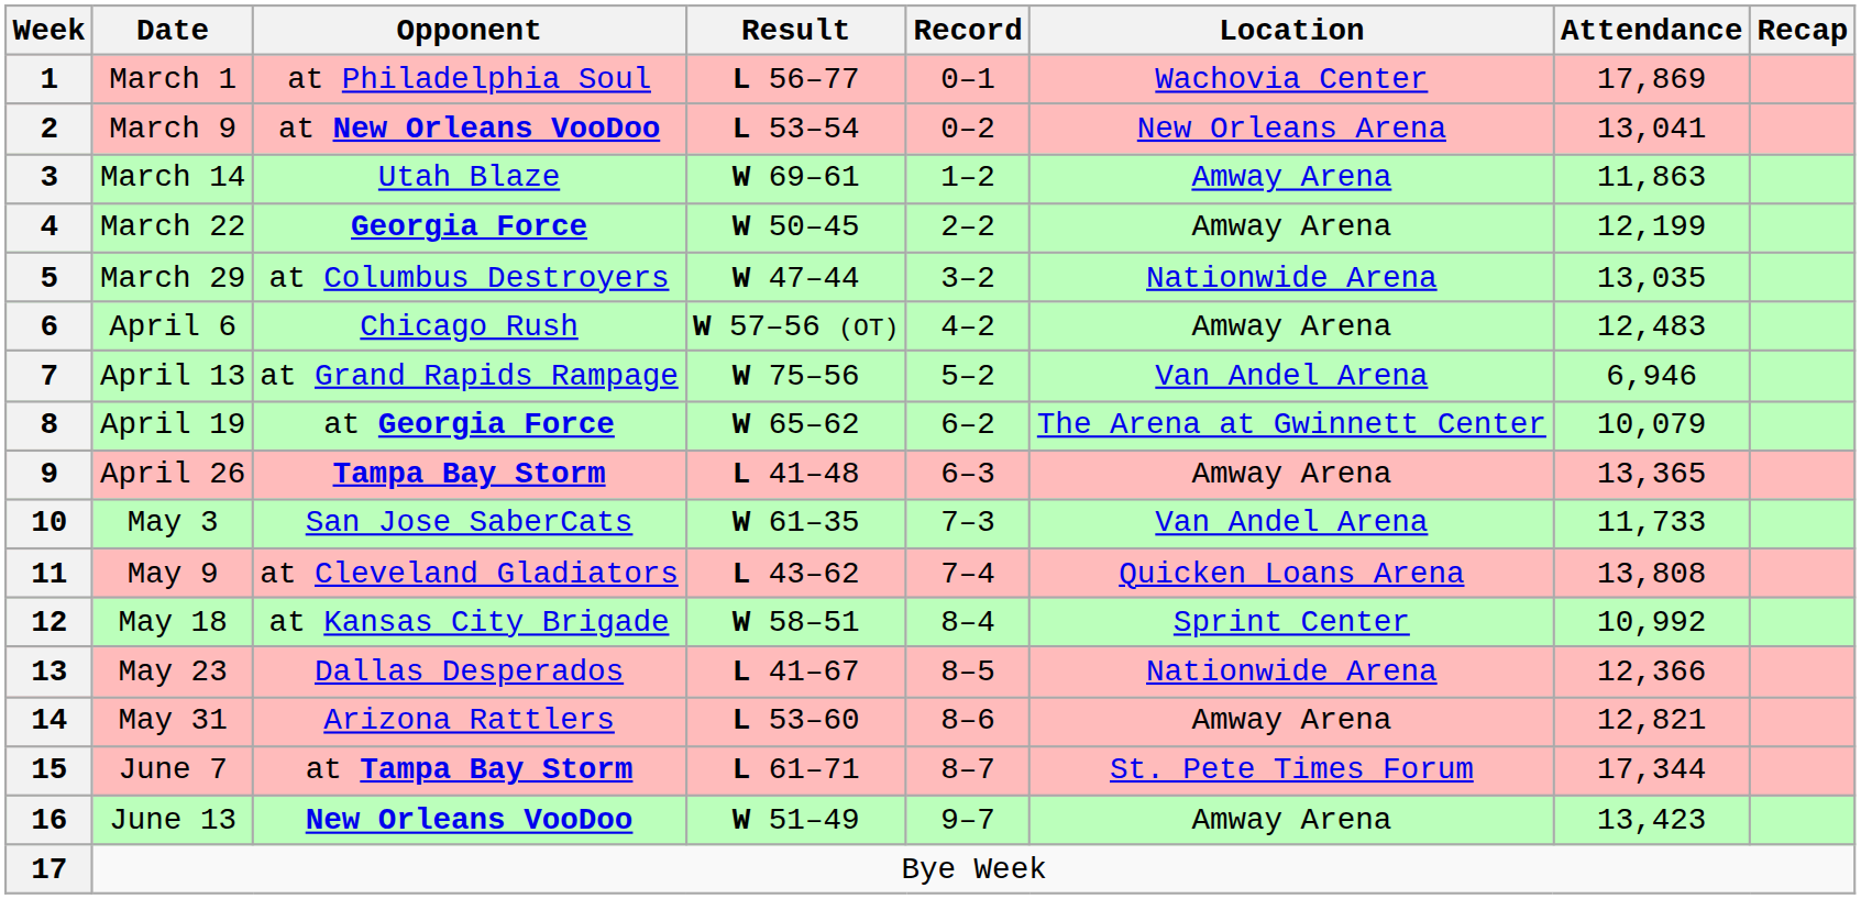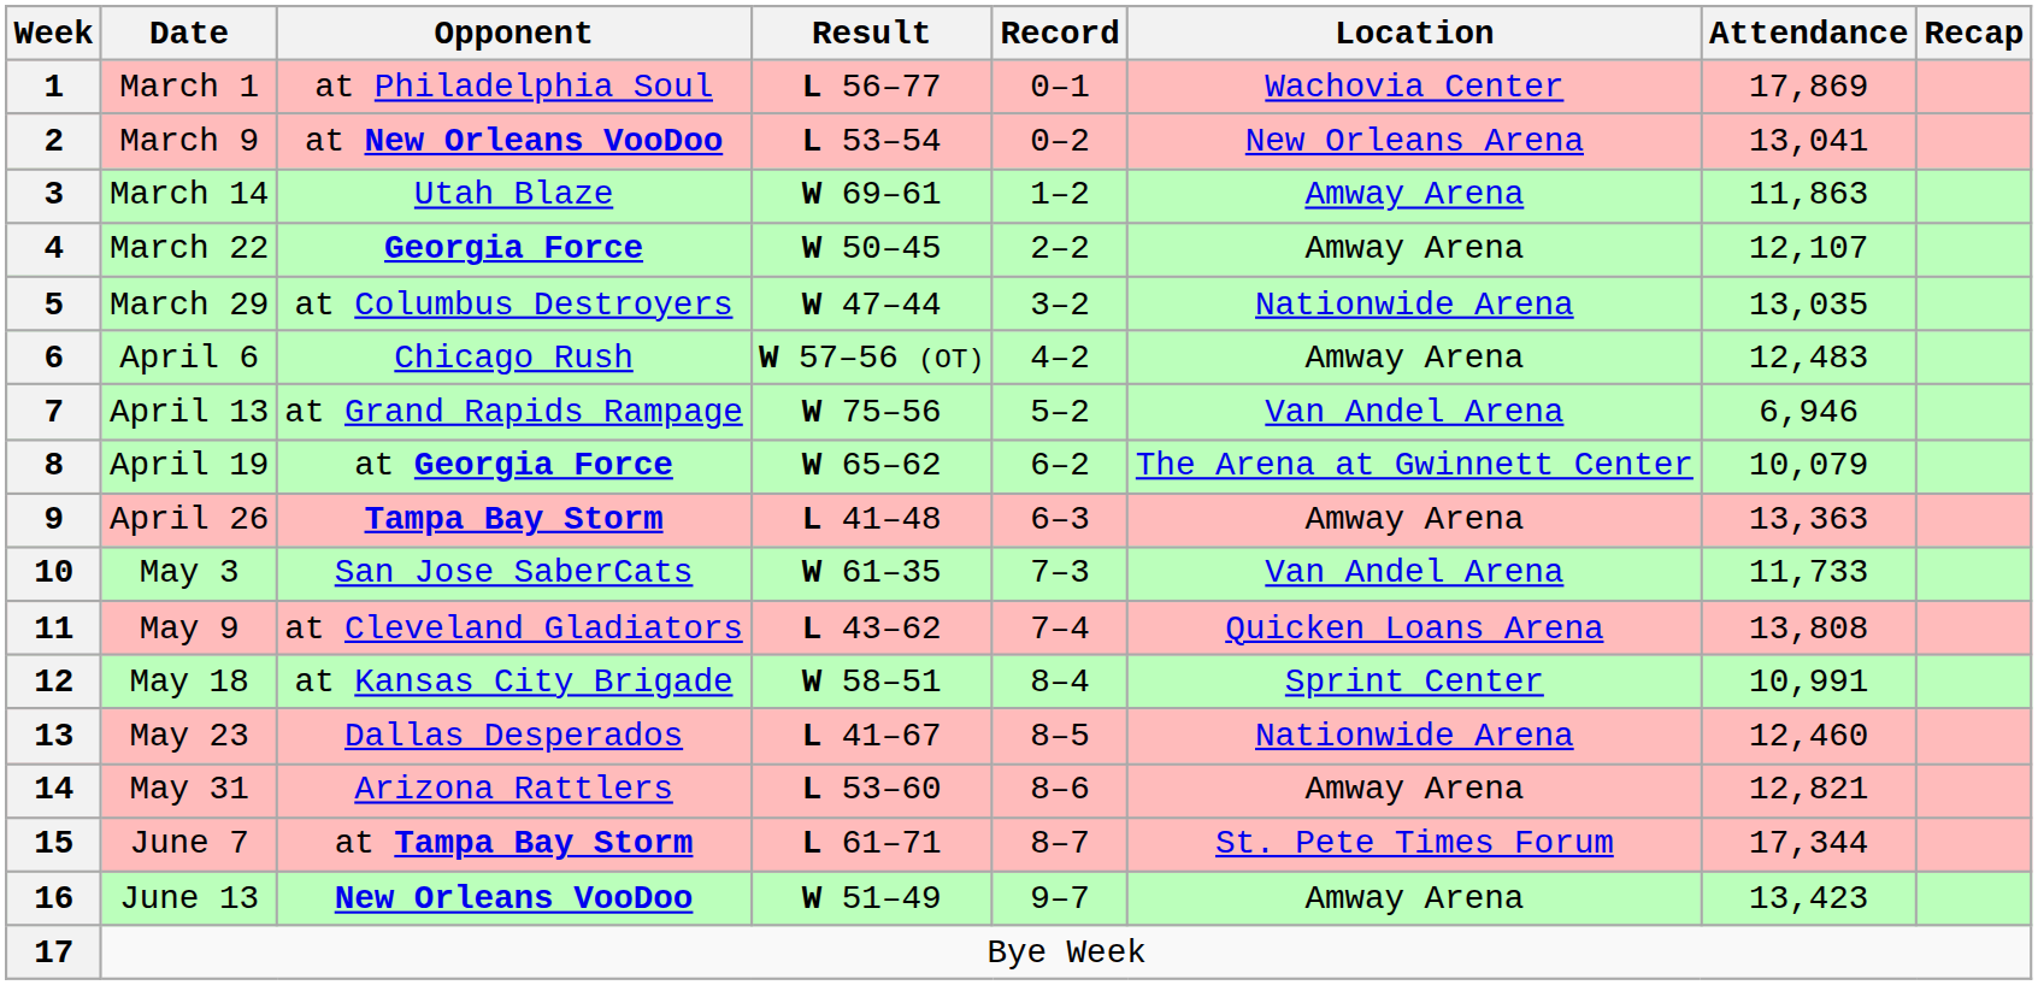 <table class="wikitable" style="text-align:center">
 <tr>
 <th>Week</th>
 <th>Date</th>
 <th>Opponent</th>
 <th>Result</th>
 <th>Record</th>
 <th>Location</th>
 <th>Attendance</th>
 <th>Recap</th>
 </tr>
 <tr bgcolor="#ffbbbb">
 <th>1</th>
 <td>March 1</td>
 <td>at <a href='#'>Philadelphia Soul</a></td>
 <td><strong>L</strong> 56–77</td>
 <td>0–1</td>
 <td><a href='#'>Wachovia Center</a></td>
 <td>17,869</td>
 <td></td>
 </tr>
 <tr bgcolor="#ffbbbb">
 <th>2</th>
 <td>March 9</td>
 <td>at <strong><a href='#'>New Orleans VooDoo</a></strong></td>
 <td><strong>L</strong> 53–54</td>
 <td>0–2</td>
 <td><a href='#'>New Orleans Arena</a></td>
 <td>13,041</td>
 <td></td>
 </tr>
 <tr bgcolor="#bbffbb">
 <th>3</th>
 <td>March 14</td>
 <td><a href='#'>Utah Blaze</a></td>
 <td><strong>W</strong> 69–61</td>
 <td>1–2</td>
 <td><a href='#'>Amway Arena</a></td>
 <td>11,863</td>
 <td></td>
 </tr>
 <tr bgcolor="#bbffbb">
 <th>4</th>
 <td>March 22</td>
 <td><strong><a href='#'>Georgia Force</a></strong></td>
 <td><strong>W</strong> 50–45</td>
 <td>2–2</td>
 <td>Amway Arena</td>
-<td>12,199</td>
+<td>12,107</td>
 <td></td>
 </tr>
 <tr bgcolor="#bbffbb">
 <th>5</th>
 <td>March 29</td>
 <td>at <a href='#'>Columbus Destroyers</a></td>
 <td><strong>W</strong> 47–44</td>
 <td>3–2</td>
 <td><a href='#'>Nationwide Arena</a></td>
 <td>13,035</td>
 <td></td>
 </tr>
 <tr bgcolor="#bbffbb">
 <th>6</th>
 <td>April 6</td>
 <td><a href='#'>Chicago Rush</a></td>
 <td><strong>W</strong> 57–56 <small>(OT)</small></td>
 <td>4–2</td>
 <td>Amway Arena</td>
 <td>12,483</td>
 <td></td>
 </tr>
 <tr bgcolor="#bbffbb">
 <th>7</th>
 <td>April 13</td>
 <td>at <a href='#'>Grand Rapids Rampage</a></td>
 <td><strong>W</strong> 75–56</td>
 <td>5–2</td>
 <td><a href='#'>Van Andel Arena</a></td>
 <td>6,946</td>
 <td></td>
 </tr>
 <tr bgcolor="#bbffbb">
 <th>8</th>
 <td>April 19</td>
 <td>at <strong><a href='#'>Georgia Force</a></strong></td>
 <td><strong>W</strong> 65–62</td>
 <td>6–2</td>
 <td><a href='#'>The Arena at Gwinnett Center</a></td>
 <td>10,079</td>
 <td></td>
 </tr>
 <tr bgcolor="#ffbbbb">
 <th>9</th>
 <td>April 26</td>
 <td><strong><a href='#'>Tampa Bay Storm</a></strong></td>
 <td><strong>L</strong> 41–48</td>
 <td>6–3</td>
 <td>Amway Arena</td>
-<td>13,365</td>
+<td>13,363</td>
 <td></td>
 </tr>
 <tr bgcolor="#bbffbb">
 <th>10</th>
 <td>May 3</td>
 <td><a href='#'>San Jose SaberCats</a></td>
 <td><strong>W</strong> 61–35</td>
 <td>7–3</td>
 <td><a href='#'>Van Andel Arena</a></td>
 <td>11,733</td>
 <td></td>
 </tr>
 <tr bgcolor="#ffbbbb">
 <th>11</th>
 <td>May 9</td>
 <td>at <a href='#'>Cleveland Gladiators</a></td>
 <td><strong>L</strong> 43–62</td>
 <td>7–4</td>
 <td><a href='#'>Quicken Loans Arena</a></td>
 <td>13,808</td>
 <td></td>
 </tr>
 <tr bgcolor="#bbffbb">
 <th>12</th>
 <td>May 18</td>
 <td>at <a href='#'>Kansas City Brigade</a></td>
 <td><strong>W</strong> 58–51</td>
 <td>8–4</td>
 <td><a href='#'>Sprint Center</a></td>
-<td>10,992</td>
+<td>10,991</td>
 <td></td>
 </tr>
 <tr bgcolor="#ffbbbb">
 <th>13</th>
 <td>May 23</td>
 <td><a href='#'>Dallas Desperados</a></td>
 <td><strong>L</strong> 41–67</td>
 <td>8–5</td>
 <td><a href='#'>Nationwide Arena</a></td>
-<td>12,366</td>
+<td>12,460</td>
 <td></td>
 </tr>
 <tr bgcolor="#ffbbbb">
 <th>14</th>
 <td>May 31</td>
 <td><a href='#'>Arizona Rattlers</a></td>
 <td><strong>L</strong> 53–60</td>
 <td>8–6</td>
 <td>Amway Arena</td>
 <td>12,821</td>
 <td></td>
 </tr>
 <tr bgcolor="#ffbbbb">
 <th>15</th>
 <td>June 7</td>
 <td>at <strong><a href='#'>Tampa Bay Storm</a></strong></td>
 <td><strong>L</strong> 61–71</td>
 <td>8–7</td>
 <td><a href='#'>St. Pete Times Forum</a></td>
 <td>17,344</td>
 <td></td>
 </tr>
 <tr bgcolor="#bbffbb">
 <th>16</th>
 <td>June 13</td>
 <td><strong><a href='#'>New Orleans VooDoo</a></strong></td>
 <td><strong>W</strong> 51–49</td>
 <td>9–7</td>
 <td>Amway Arena</td>
 <td>13,423</td>
 <td></td>
 </tr>
 <tr>
 <th>17</th>
 <td colspan=7>Bye Week</td>
 </tr>
 </table>
